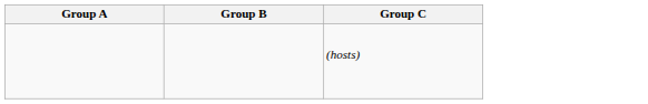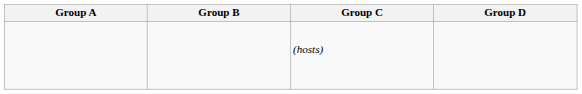 <table class="wikitable">
 <tr>
 <th width=200px>Group A</th>
 <th width=200px>Group B</th>
 <th width=200px>Group C</th>
+<th width=200px>Group D</th>
 </tr>
 <tr>
 <td><br> <br>  <br>  <br> </td>
 <td><br> <br>  <br>  <br>  <br></td>
 <td><br> <em>(hosts)</em> <br>  <br>  <br> </td>
+<td><br> <br>  <br>  <br> </td>
 </tr>
 </table>
